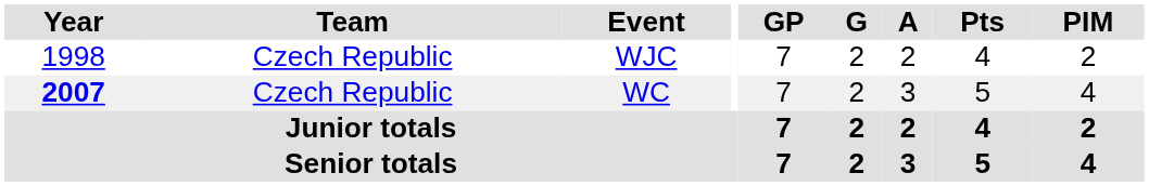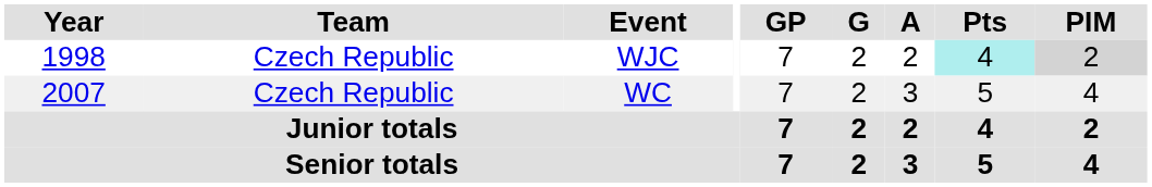 <table border="0" cellpadding="1" cellspacing="0" ID="Table3" style="text-align:center; width:40em">
 <tr bgcolor="#e0e0e0">
 <th>Year</th>
 <th>Team</th>
 <th>Event</th>
 <th rowspan="102" bgcolor="#ffffff"></th>
 <th>GP</th>
 <th>G</th>
 <th>A</th>
 <th>Pts</th>
 <th>PIM</th>
 </tr>
 <tr>
 <td><a href='#'>1998</a></td>
 <td><a href='#'>Czech Republic</a></td>
 <td><a href='#'>WJC</a></td>
 <td>7</td>
 <td>2</td>
 <td>2</td>
-<td>4</td>
-<td>2</td>
+<td style="background: paleturquoise;">4</td>
+<td style="background: lightgrey;">2</td>
 </tr>
 <tr bgcolor="#f0f0f0">
-<td><strong><a href='#'>2007</a></strong></td>
+<td><a href='#'>2007</a></td>
 <td><a href='#'>Czech Republic</a></td>
 <td><a href='#'>WC</a></td>
 <td>7</td>
 <td>2</td>
 <td>3</td>
 <td>5</td>
 <td>4</td>
 </tr>
 <tr bgcolor="#e0e0e0">
 <th colspan="4">Junior totals</th>
 <th>7</th>
 <th>2</th>
 <th>2</th>
 <th>4</th>
 <th>2</th>
 </tr>
 <tr bgcolor="#e0e0e0">
 <th colspan="4">Senior totals</th>
 <th>7</th>
 <th>2</th>
 <th>3</th>
 <th>5</th>
 <th>4</th>
 </tr>
 </table>
